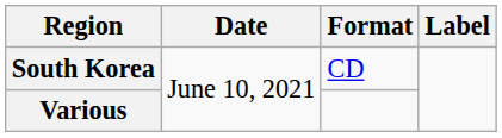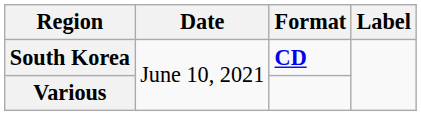 <table class="wikitable plainrowheaders">
 <tr>
 <th scope="col">Region</th>
 <th scope="col">Date</th>
 <th scope="col">Format</th>
 <th scope="col">Label</th>
 </tr>
 <tr>
 <th scope="row">South Korea</th>
 <td rowspan="2">June 10, 2021</td>
-<td><a href='#'>CD</a></td>
+<td><strong><a href='#'>CD</a></strong></td>
 <td rowspan="2"></td>
 </tr>
 <tr>
 <th scope="row">Various </th>
 <td></td>
 </tr>
 </table>
